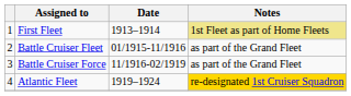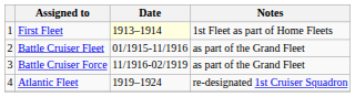 <table class=wikitable>
 <tr>
 <th></th>
 <th>Assigned to</th>
 <th>Date</th>
 <th>Notes</th>
 </tr>
 <tr>
 <td>1</td>
 <td><a href='#'>First Fleet</a></td>
-<td>1913–1914</td>
-<td style="background: khaki;">1st Fleet as part of Home Fleets</td>
+<td style="background: lightyellow;">1913–1914</td>
+<td>1st Fleet as part of Home Fleets</td>
 </tr>
 <tr>
 <td>2</td>
 <td><a href='#'>Battle Cruiser Fleet</a></td>
 <td>01/1915-11/1916</td>
 <td>as part of the Grand Fleet</td>
 </tr>
 <tr>
 <td>3</td>
 <td><a href='#'>Battle Cruiser Force</a></td>
 <td>11/1916-02/1919</td>
 <td>as part of the Grand Fleet</td>
 </tr>
 <tr>
 <td>4</td>
 <td><a href='#'>Atlantic Fleet</a></td>
 <td>1919–1924</td>
-<td style="background: gold;">re-designated <a href='#'>1st Cruiser Squadron</a></td>
+<td>re-designated <a href='#'>1st Cruiser Squadron</a></td>
 </tr>
 <tr>
 </tr>
 </table>
